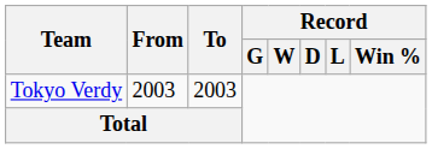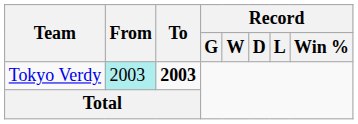 <table class="wikitable" style="text-align: center">
 <tr>
 <th rowspan="2">Team</th>
 <th rowspan="2">From</th>
 <th rowspan="2">To</th>
 <th colspan="5">Record</th>
 </tr>
 <tr>
 <th>G</th>
 <th>W</th>
 <th>D</th>
 <th>L</th>
 <th>Win %</th>
 </tr>
 <tr>
 <td align="left"><a href='#'>Tokyo Verdy</a></td>
-<td align="left">2003</td>
-<td align="left">2003<br></td>
+<td align="left" style="background: paleturquoise;">2003</td>
+<td align="left"><strong>2003<br></strong></td>
 </tr>
 <tr>
 <th colspan="3">Total<br></th>
 </tr>
 </table>
